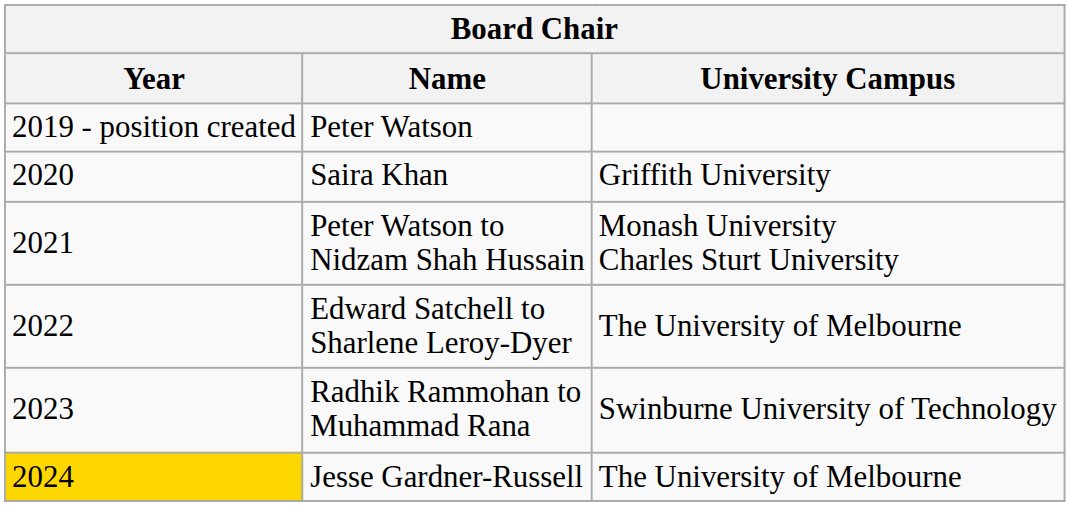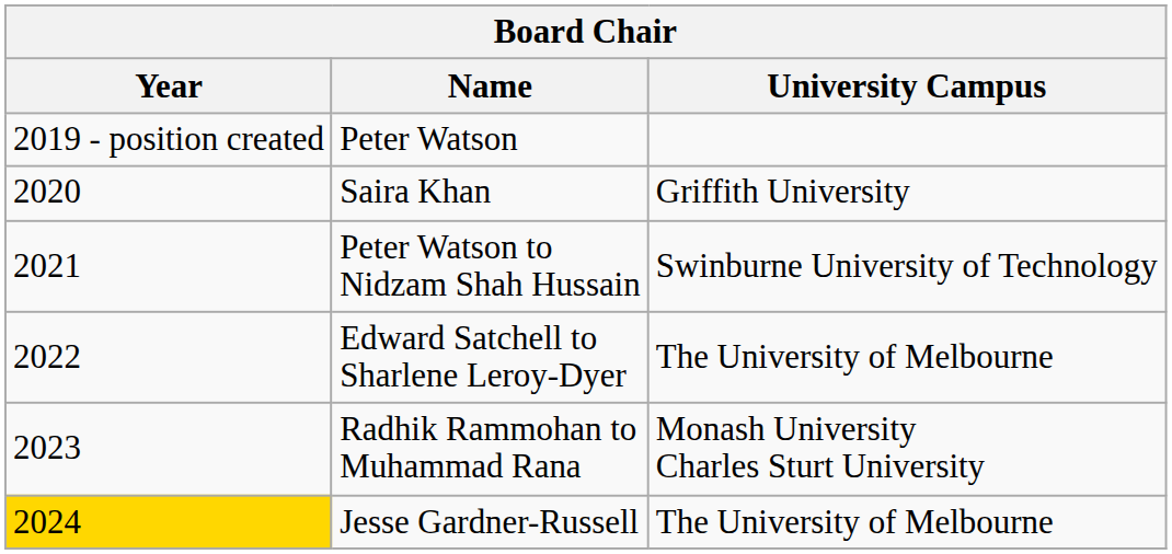 <table class="wikitable mw-collapsible mw-collapsed">
 <tr>
 <th colspan="4">Board Chair</th>
 </tr>
 <tr>
 <th>Year</th>
 <th>Name</th>
 <th>University Campus</th>
 </tr>
 <tr>
 <td>2019 - position created</td>
 <td>Peter Watson</td>
 <td></td>
 </tr>
 <tr>
 <td>2020</td>
 <td>Saira Khan</td>
 <td>Griffith University</td>
 </tr>
 <tr>
 <td>2021</td>
 <td>Peter Watson to<br>Nidzam Shah Hussain</td>
-<td>Monash University<br>Charles Sturt University</td>
+<td>Swinburne University of Technology</td>
 </tr>
 <tr>
 <td>2022</td>
 <td>Edward Satchell to<br>Sharlene Leroy-Dyer</td>
 <td>The University of Melbourne</td>
 </tr>
 <tr>
 <td>2023</td>
 <td>Radhik Rammohan to<br>Muhammad Rana</td>
-<td>Swinburne University of Technology</td>
+<td>Monash University<br>Charles Sturt University</td>
 </tr>
 <tr>
 <td style="background: gold;">2024</td>
 <td>Jesse Gardner-Russell</td>
 <td>The University of Melbourne</td>
 </tr>
 </table>
